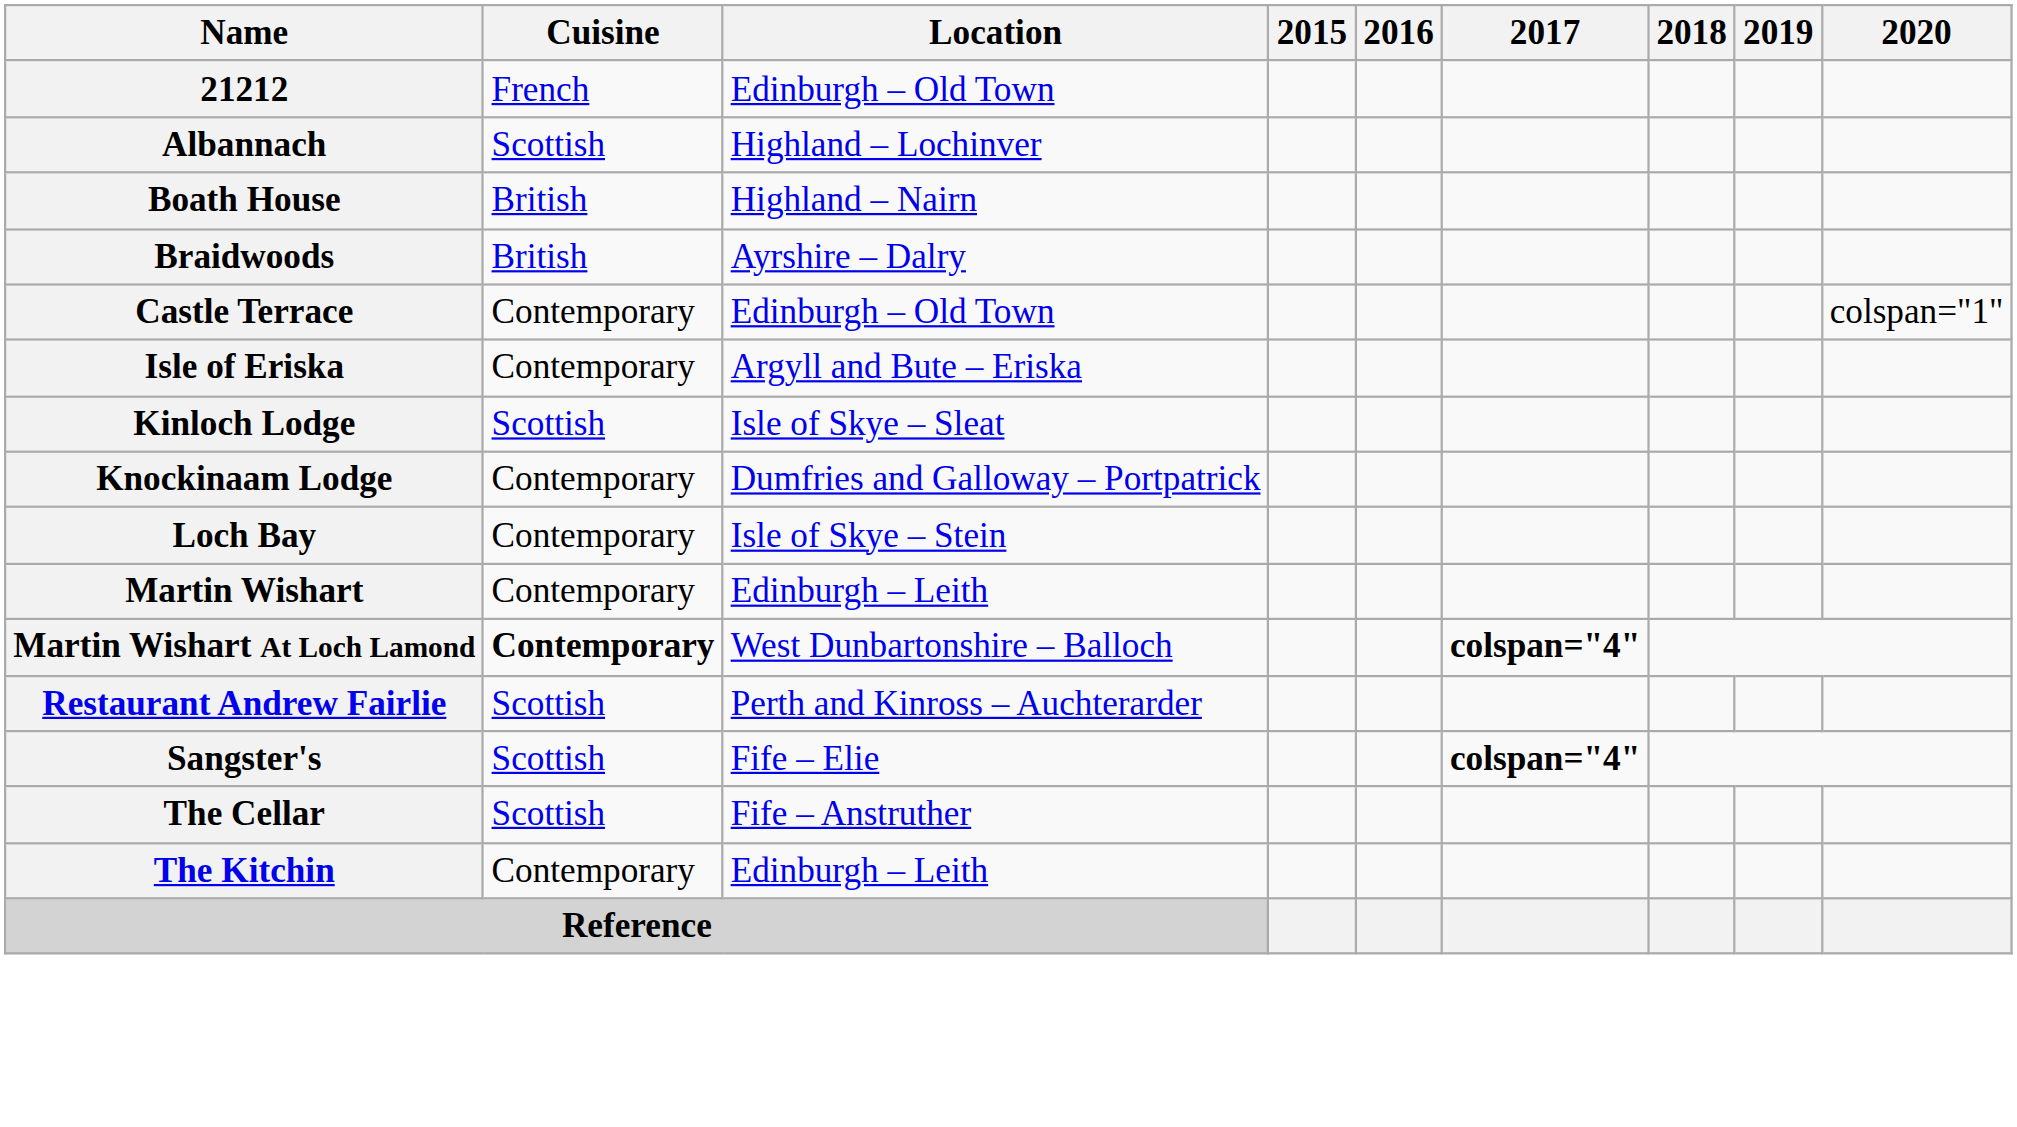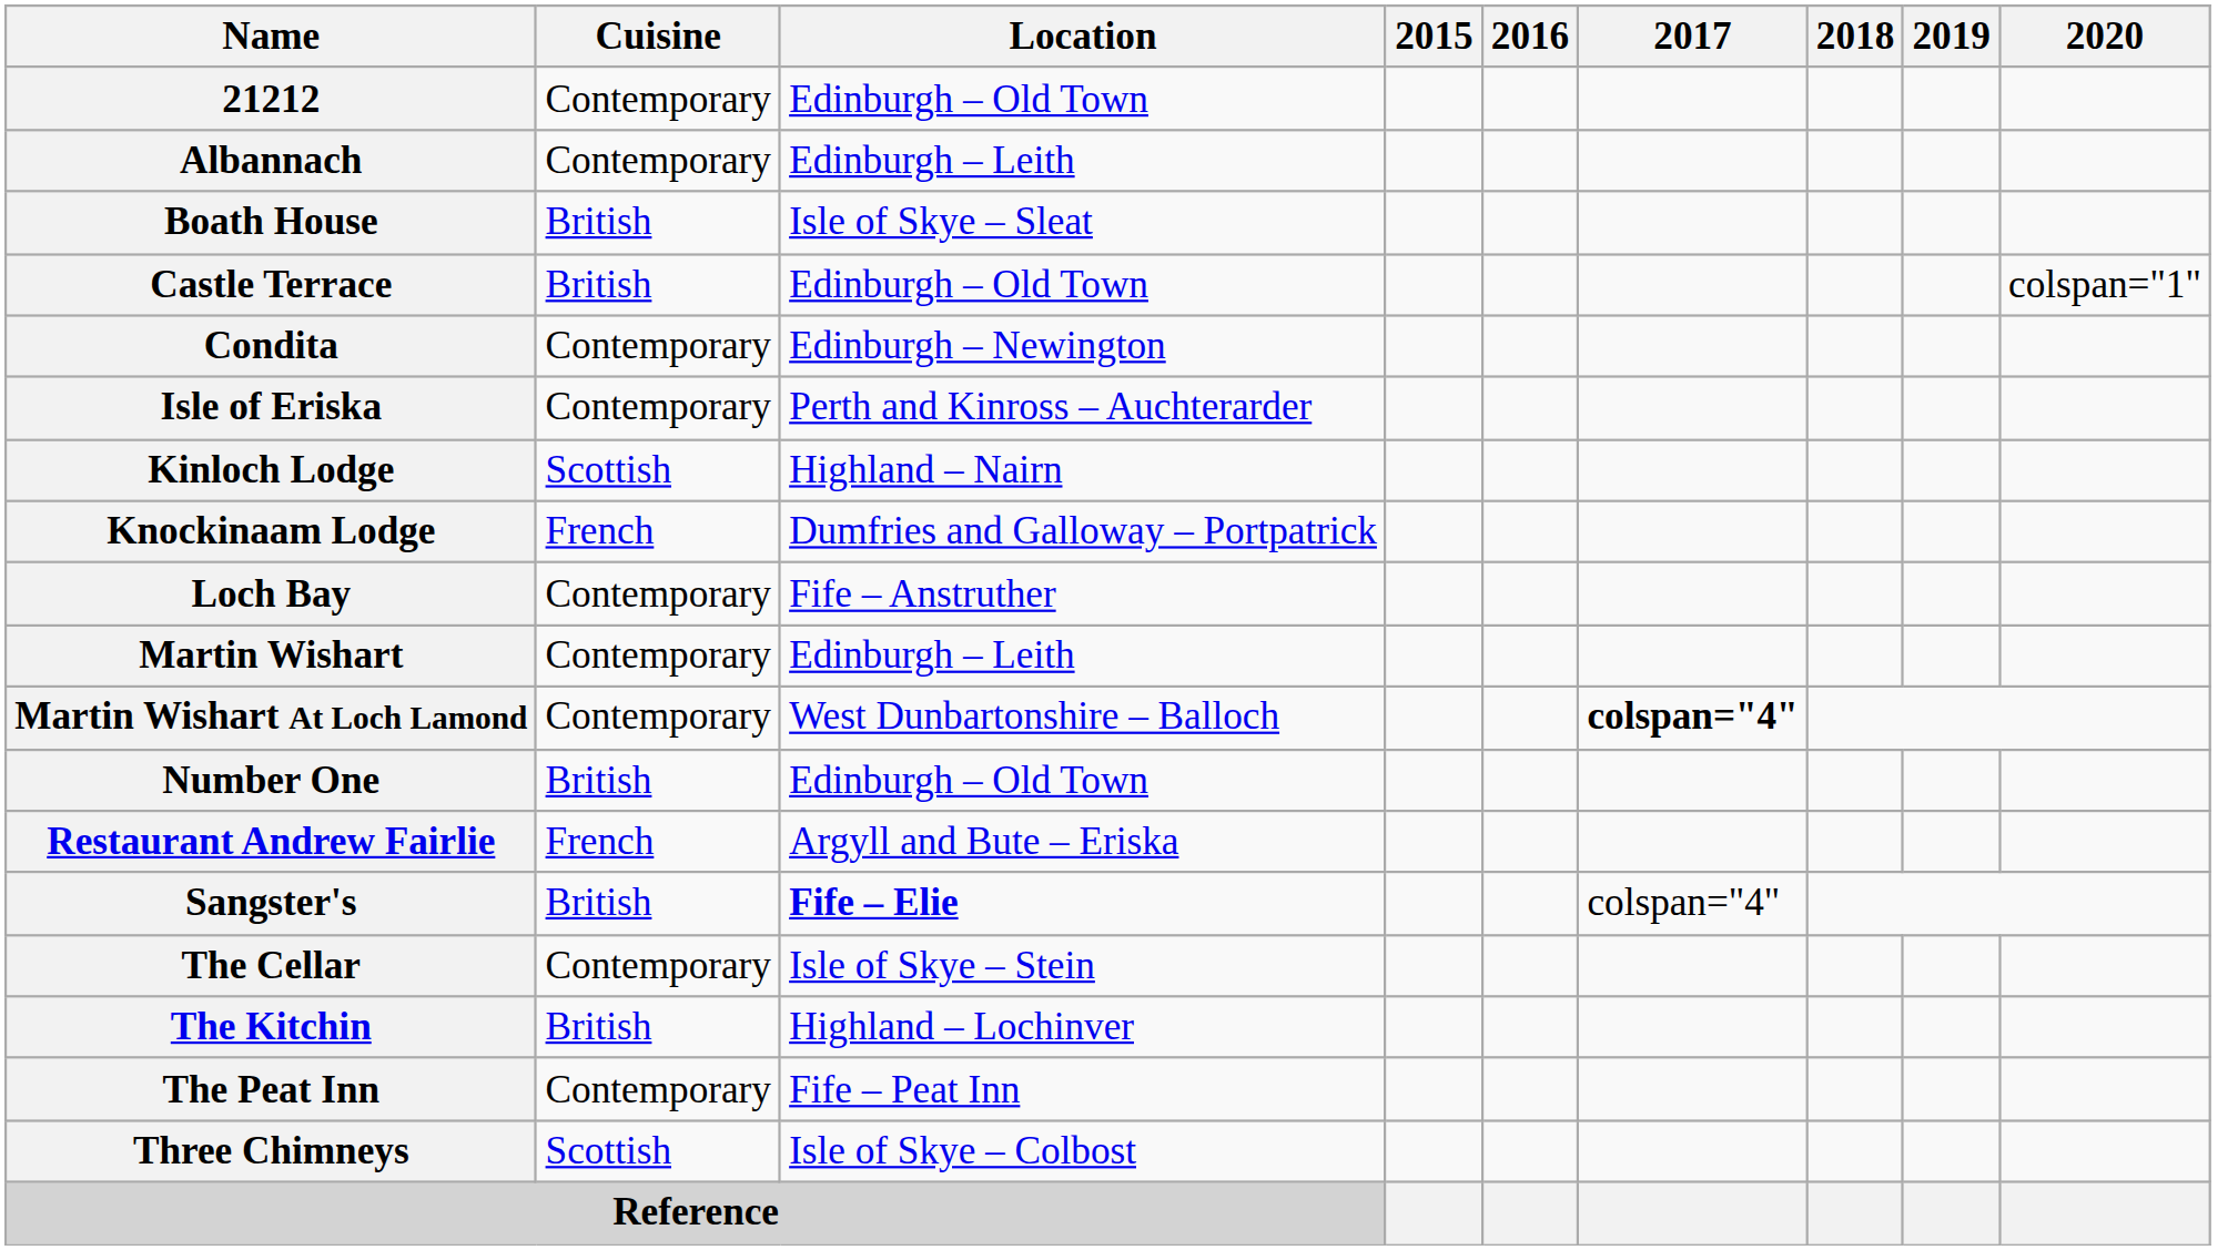 <table class="wikitable sortable plainrowheaders">
 <tr>
 <th scope="col">Name</th>
 <th scope="col">Cuisine</th>
 <th scope="col">Location</th>
 <th scope="col">2015</th>
 <th scope="col">2016</th>
 <th scope="col">2017</th>
 <th scope="col">2018</th>
 <th scope="col">2019</th>
 <th scope="col">2020</th>
 </tr>
 <tr>
 <th scope="row">21212</th>
-<td><a href='#'>French</a></td>
+<td>Contemporary</td>
 <td><a href='#'>Edinburgh – Old Town</a></td>
 <td></td>
 <td></td>
 <td></td>
 <td></td>
 <td></td>
 <td></td>
 </tr>
 <tr>
 <th scope="row">Albannach</th>
-<td><a href='#'>Scottish</a></td>
-<td><a href='#'>Highland – Lochinver</a></td>
+<td>Contemporary</td>
+<td><a href='#'>Edinburgh – Leith</a></td>
 <td></td>
 <td></td>
 <td></td>
 <td></td>
 <td></td>
 <td></td>
 </tr>
 <tr>
 <th scope="row">Boath House</th>
 <td><a href='#'>British</a></td>
-<td><a href='#'>Highland – Nairn</a></td>
-<td></td>
-<td></td>
-<td></td>
-<td></td>
-<td></td>
-<td></td>
-</tr>
-<tr>
-<th scope="row">Braidwoods</th>
-<td><a href='#'>British</a></td>
-<td><a href='#'>Ayrshire – Dalry</a></td>
+<td><a href='#'>Isle of Skye – Sleat</a></td>
 <td></td>
 <td></td>
 <td></td>
 <td></td>
 <td></td>
 <td></td>
 </tr>
 <tr>
 <th scope="row">Castle Terrace</th>
-<td>Contemporary</td>
+<td><a href='#'>British</a></td>
 <td><a href='#'>Edinburgh – Old Town</a></td>
 <td></td>
 <td></td>
 <td></td>
 <td></td>
 <td></td>
 <td>colspan="1" </td>
 </tr>
 <tr>
+<th scope="row">Condita</th>
+<td>Contemporary</td>
+<td><a href='#'>Edinburgh – Newington</a></td>
+<td></td>
+<td></td>
+<td></td>
+<td></td>
+<td></td>
+<td></td>
+</tr>
+<tr>
 <th scope="row">Isle of Eriska</th>
 <td>Contemporary</td>
-<td><a href='#'>Argyll and Bute – Eriska</a></td>
+<td><a href='#'>Perth and Kinross – Auchterarder</a></td>
 <td></td>
 <td></td>
 <td></td>
 <td></td>
 <td></td>
 <td></td>
 </tr>
 <tr>
 <th scope="row">Kinloch Lodge</th>
 <td><a href='#'>Scottish</a></td>
-<td><a href='#'>Isle of Skye – Sleat</a></td>
+<td><a href='#'>Highland – Nairn</a></td>
 <td></td>
 <td></td>
 <td></td>
 <td></td>
 <td></td>
 <td></td>
 </tr>
 <tr>
 <th scope="row">Knockinaam Lodge</th>
-<td>Contemporary</td>
+<td><a href='#'>French</a></td>
 <td><a href='#'>Dumfries and Galloway – Portpatrick</a></td>
 <td></td>
 <td></td>
 <td></td>
 <td></td>
 <td></td>
 <td></td>
 </tr>
 <tr>
 <th scope="row">Loch Bay</th>
 <td>Contemporary</td>
-<td><a href='#'>Isle of Skye – Stein</a></td>
+<td><a href='#'>Fife – Anstruther</a></td>
 <td></td>
 <td></td>
 <td></td>
 <td></td>
 <td></td>
 <td></td>
 </tr>
 <tr>
 <th scope="row">Martin Wishart</th>
 <td>Contemporary</td>
 <td><a href='#'>Edinburgh – Leith</a></td>
 <td></td>
 <td></td>
 <td></td>
 <td></td>
 <td></td>
 <td></td>
 </tr>
 <tr>
 <th scope="row">Martin Wishart <small>At Loch Lamond</small></th>
-<td><strong>Contemporary</strong></td>
+<td>Contemporary</td>
 <td><a href='#'>West Dunbartonshire – Balloch</a></td>
 <td></td>
 <td></td>
 <td><strong>colspan="4" </strong></td>
 </tr>
 <tr>
+<th scope="row">Number One</th>
+<td><a href='#'>British</a></td>
+<td><a href='#'>Edinburgh – Old Town</a></td>
+<td></td>
+<td></td>
+<td></td>
+<td></td>
+<td></td>
+<td></td>
+</tr>
+<tr>
 <th scope="row"><a href='#'>Restaurant Andrew Fairlie</a></th>
-<td><a href='#'>Scottish</a></td>
-<td><a href='#'>Perth and Kinross – Auchterarder</a></td>
+<td><a href='#'>French</a></td>
+<td><a href='#'>Argyll and Bute – Eriska</a></td>
 <td></td>
 <td></td>
 <td></td>
 <td></td>
 <td></td>
 <td></td>
 </tr>
 <tr>
 <th scope="row">Sangster's</th>
-<td><a href='#'>Scottish</a></td>
-<td><a href='#'>Fife – Elie</a></td>
+<td><a href='#'>British</a></td>
+<td><strong><a href='#'>Fife – Elie</a></strong></td>
 <td></td>
 <td></td>
-<td><strong>colspan="4" </strong></td>
+<td>colspan="4" </td>
 </tr>
 <tr>
 <th scope="row">The Cellar</th>
-<td><a href='#'>Scottish</a></td>
-<td><a href='#'>Fife – Anstruther</a></td>
+<td>Contemporary</td>
+<td><a href='#'>Isle of Skye – Stein</a></td>
 <td></td>
 <td></td>
 <td></td>
 <td></td>
 <td></td>
 <td></td>
 </tr>
 <tr>
 <th scope="row"><a href='#'>The Kitchin</a></th>
+<td><a href='#'>British</a></td>
+<td><a href='#'>Highland – Lochinver</a></td>
+<td></td>
+<td></td>
+<td></td>
+<td></td>
+<td></td>
+<td></td>
+</tr>
+<tr>
+<th scope="row">The Peat Inn</th>
 <td>Contemporary</td>
-<td><a href='#'>Edinburgh – Leith</a></td>
+<td><a href='#'>Fife – Peat Inn</a></td>
+<td></td>
+<td></td>
+<td></td>
+<td></td>
+<td></td>
+<td></td>
+</tr>
+<tr>
+<th scope="row">Three Chimneys</th>
+<td><a href='#'>Scottish</a></td>
+<td><a href='#'>Isle of Skye – Colbost</a></td>
 <td></td>
 <td></td>
 <td></td>
 <td></td>
 <td></td>
 <td></td>
 </tr>
 <tr>
 <th colspan="3" style="text-align: center;background: lightgray;">Reference</th>
 <th></th>
 <th></th>
 <th></th>
 <th></th>
 <th></th>
 <th></th>
 </tr>
 </table>
